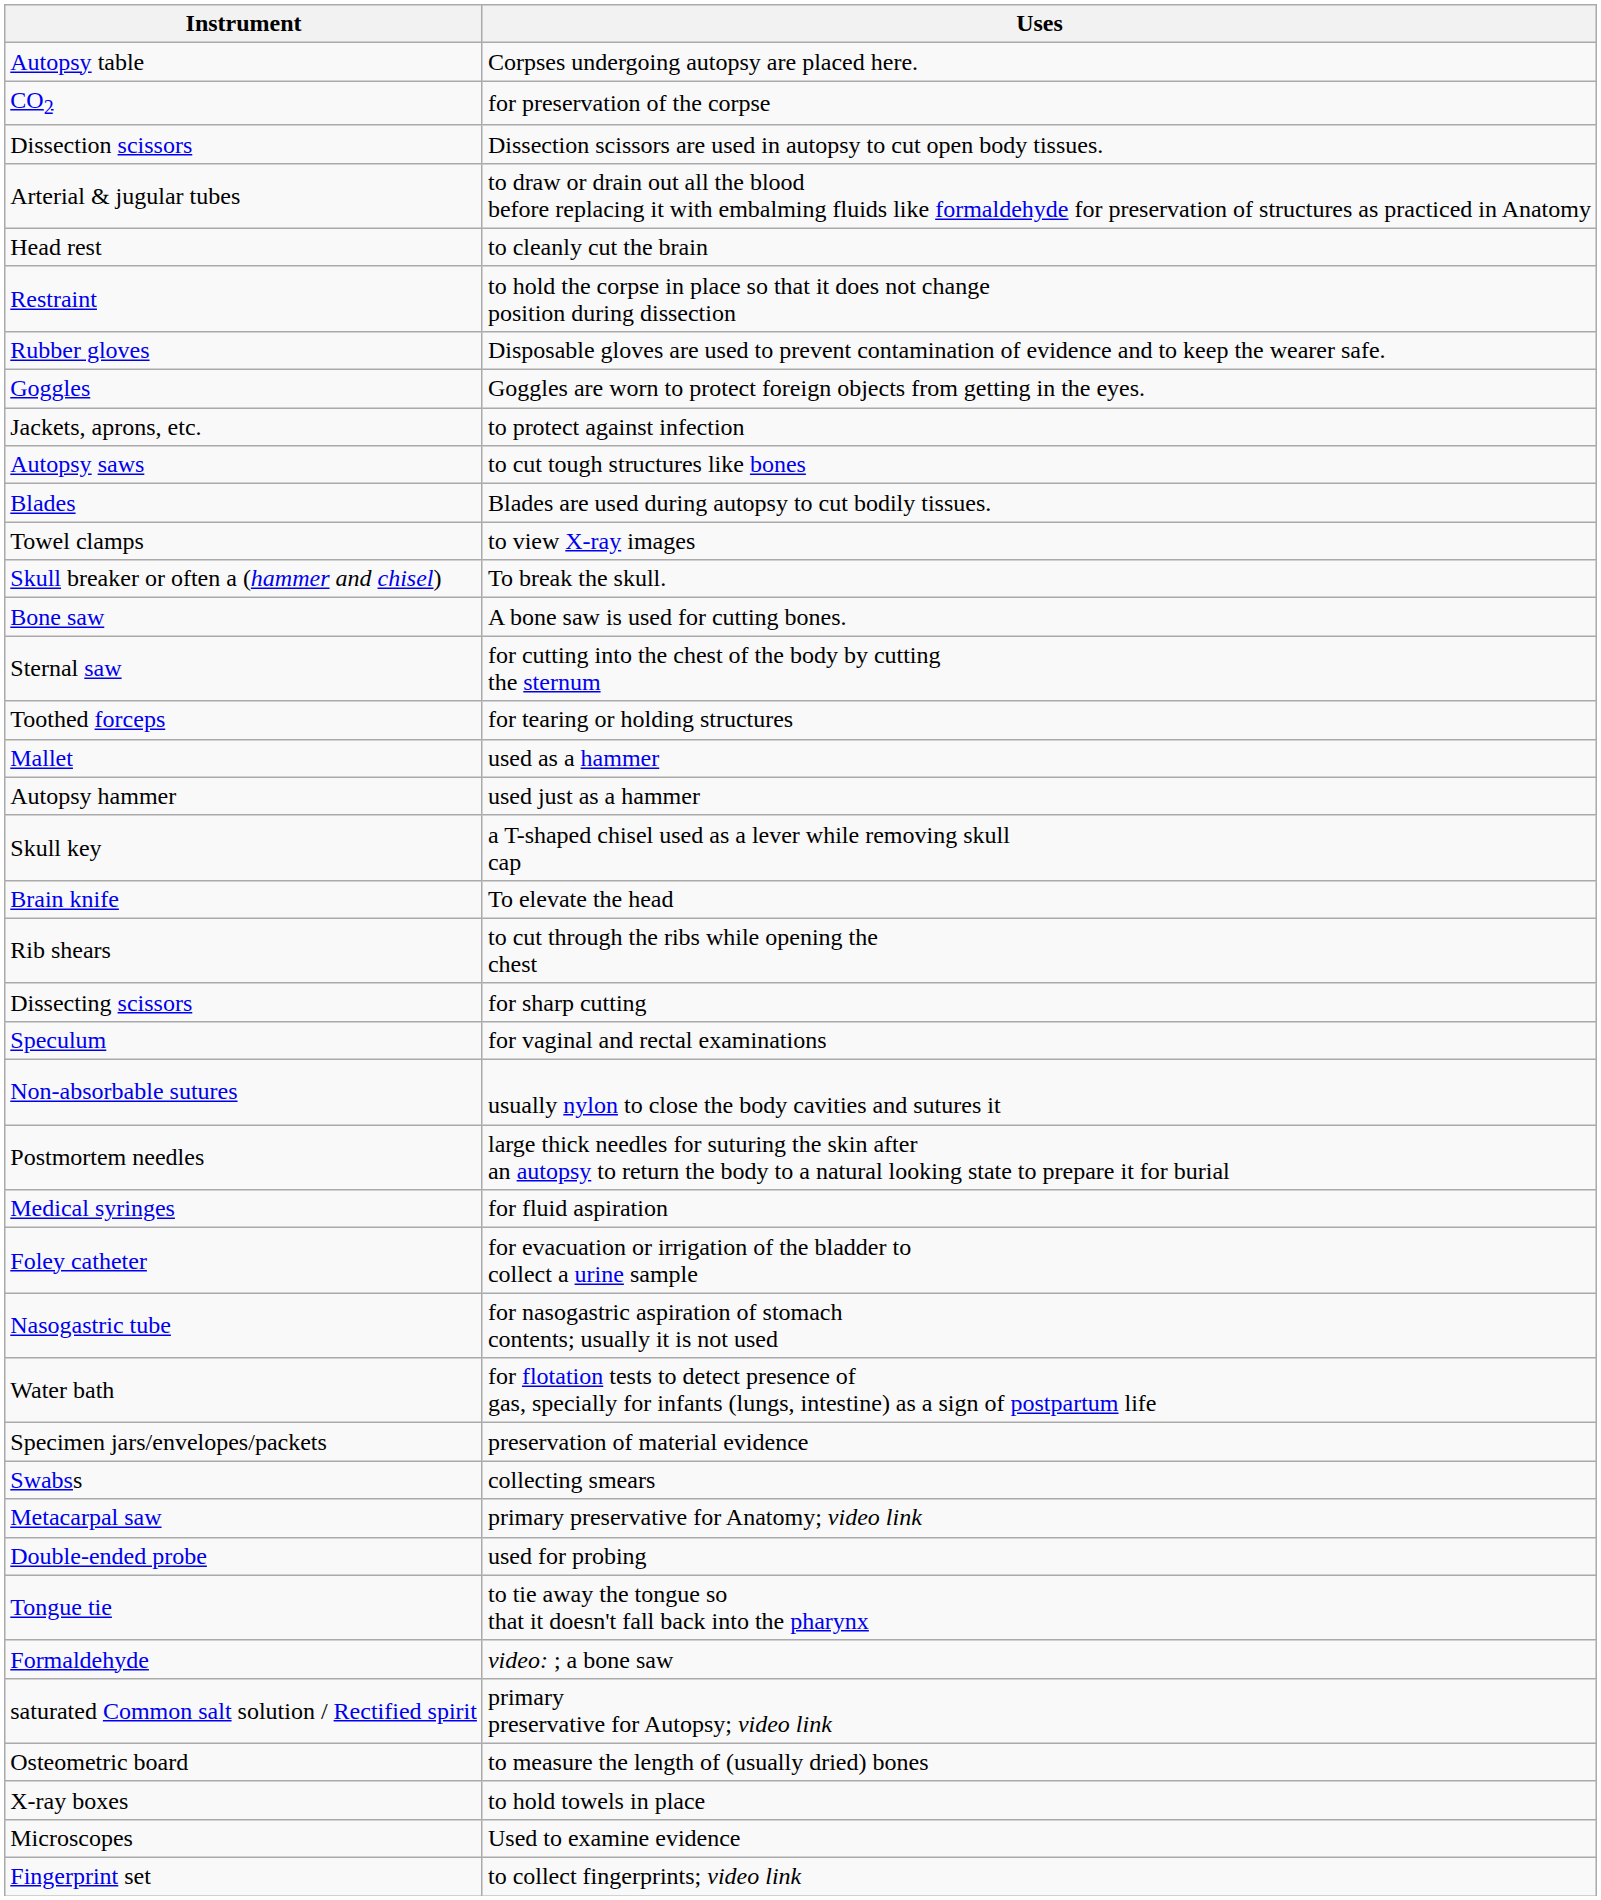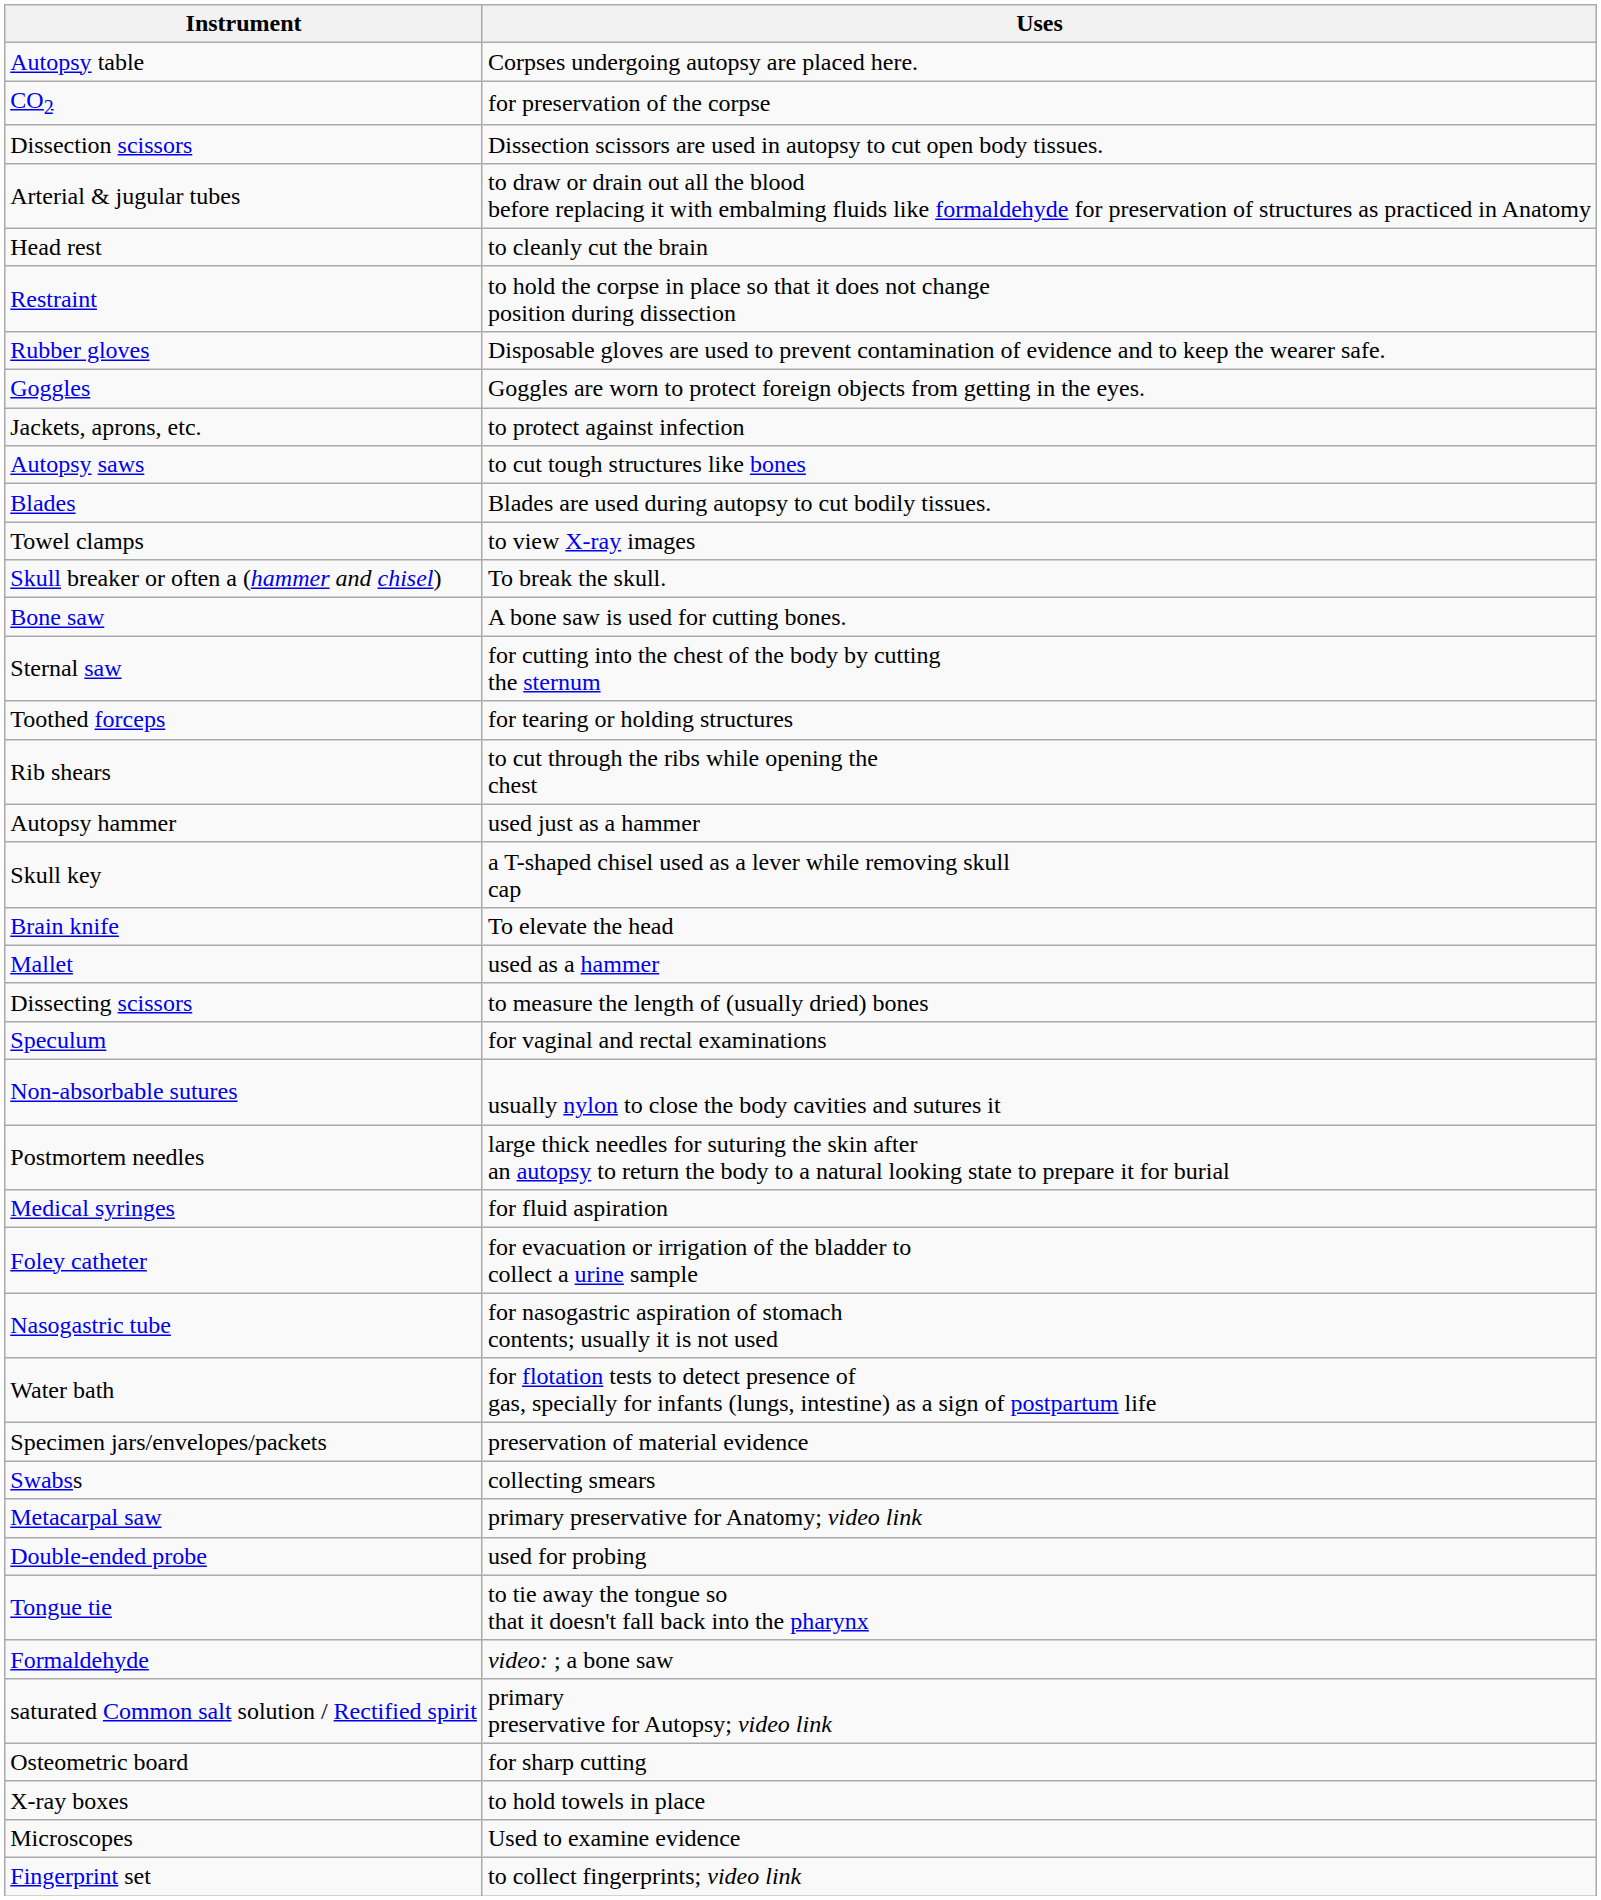 <table class="wikitable">
 <tr>
 <th>Instrument</th>
 <th>Uses</th>
 </tr>
 <tr>
 <td><a href='#'>Autopsy</a> table</td>
 <td>Corpses undergoing autopsy are placed here.</td>
 </tr>
 <tr>
 <td><a href='#'>CO<sub>2</sub></a></td>
 <td>for preservation of the corpse</td>
 </tr>
 <tr>
 <td>Dissection <a href='#'>scissors</a></td>
 <td>Dissection scissors are used in autopsy to cut open body tissues.</td>
 </tr>
 <tr>
 <td>Arterial & jugular tubes</td>
 <td>to draw or drain out all the blood<br>before replacing it with embalming fluids like <a href='#'>formaldehyde</a> for  preservation of structures as practiced in Anatomy</td>
 </tr>
 <tr>
 <td>Head rest</td>
 <td>to cleanly cut the brain</td>
 </tr>
 <tr>
 <td><a href='#'>Restraint</a></td>
 <td>to hold the corpse in place so that it does not change<br>position during dissection</td>
 </tr>
 <tr>
 <td><a href='#'>Rubber gloves</a></td>
 <td>Disposable gloves are used to prevent contamination of evidence and to keep the wearer safe.</td>
 </tr>
 <tr>
 <td><a href='#'>Goggles</a></td>
 <td>Goggles are worn to protect foreign objects from getting in the eyes.</td>
 </tr>
 <tr>
 <td>Jackets, aprons, etc.</td>
 <td>to protect against infection</td>
 </tr>
 <tr>
 <td><a href='#'>Autopsy</a> <a href='#'>saws</a></td>
 <td>to cut tough structures like <a href='#'>bones</a></td>
 </tr>
 <tr>
 <td><a href='#'>Blades</a></td>
 <td>Blades are used during autopsy to cut bodily tissues.</td>
 </tr>
 <tr>
 <td>Towel clamps</td>
 <td>to view <a href='#'>X-ray</a> images</td>
 </tr>
 <tr>
 <td><a href='#'>Skull</a> breaker or often a (<em><a href='#'>hammer</a> and <a href='#'>chisel</a></em>)</td>
 <td>To break the skull.</td>
 </tr>
 <tr>
 <td><a href='#'>Bone saw</a></td>
 <td>A bone saw is used for cutting bones.</td>
 </tr>
 <tr>
 <td>Sternal <a href='#'>saw</a></td>
 <td>for cutting into the chest of the body by cutting<br>the <a href='#'>sternum</a></td>
 </tr>
 <tr>
 <td>Toothed <a href='#'>forceps</a></td>
 <td>for tearing or holding structures</td>
 </tr>
 <tr>
-<td><a href='#'>Mallet</a></td>
-<td>used as a <a href='#'>hammer</a></td>
+<td>Rib shears</td>
+<td>to cut through the ribs while opening the<br>chest</td>
 </tr>
 <tr>
 <td>Autopsy hammer</td>
 <td>used just as a hammer</td>
 </tr>
 <tr>
 <td>Skull key</td>
 <td>a T-shaped chisel used as a lever while removing skull<br>cap</td>
 </tr>
 <tr>
 <td><a href='#'>Brain knife</a></td>
 <td>To elevate the head</td>
 </tr>
 <tr>
-<td>Rib shears</td>
-<td>to cut through the ribs while opening the<br>chest</td>
+<td><a href='#'>Mallet</a></td>
+<td>used as a <a href='#'>hammer</a></td>
 </tr>
 <tr>
 <td>Dissecting <a href='#'>scissors</a></td>
-<td>for sharp cutting</td>
+<td>to measure the length of (usually dried) bones</td>
 </tr>
 <tr>
 <td><a href='#'>Speculum</a></td>
 <td>for vaginal and rectal examinations</td>
 </tr>
 <tr>
 <td><a href='#'>Non-absorbable sutures</a></td>
 <td><br>usually <a href='#'>nylon</a> to close the body cavities and sutures it</td>
 </tr>
 <tr>
 <td>Postmortem needles</td>
 <td>large thick needles for suturing the skin after<br>an <a href='#'>autopsy</a> to return the body to a natural looking state to prepare it for burial</td>
 </tr>
 <tr>
 <td><a href='#'>Medical syringes</a></td>
 <td>for fluid aspiration</td>
 </tr>
 <tr>
 <td><a href='#'>Foley catheter</a></td>
 <td>for evacuation or irrigation of the bladder to<br>collect a <a href='#'>urine</a> sample</td>
 </tr>
 <tr>
 <td><a href='#'>Nasogastric tube</a></td>
 <td>for nasogastric aspiration of stomach<br>contents; usually it is not used</td>
 </tr>
 <tr>
 <td>Water bath</td>
 <td>for <a href='#'>flotation</a> tests to detect presence of<br>gas, specially for infants (lungs, intestine) as a sign of  <a href='#'>postpartum</a> life</td>
 </tr>
 <tr>
 <td>Specimen jars/envelopes/packets</td>
 <td>preservation of material evidence</td>
 </tr>
 <tr>
 <td><a href='#'>Swabs</a>s</td>
 <td>collecting smears</td>
 </tr>
 <tr>
 <td><a href='#'>Metacarpal saw</a></td>
 <td>primary preservative for Anatomy; <em>video link</em></td>
 </tr>
 <tr>
 <td><a href='#'>Double-ended probe</a></td>
 <td>used for probing</td>
 </tr>
 <tr>
 <td><a href='#'>Tongue tie</a></td>
 <td>to tie away the tongue so<br>that it doesn't fall back into the <a href='#'>pharynx</a></td>
 </tr>
 <tr>
 <td><a href='#'>Formaldehyde</a></td>
 <td><em>video: </em>; a bone saw</td>
 </tr>
 <tr>
 <td>saturated <a href='#'>Common salt</a> solution / <a href='#'>Rectified spirit</a></td>
 <td>primary<br>preservative for Autopsy; <em>video link</em></td>
 </tr>
 <tr>
 <td>Osteometric board</td>
-<td>to measure the length of (usually dried) bones</td>
+<td>for sharp cutting</td>
 </tr>
 <tr>
 <td>X-ray boxes</td>
 <td>to hold towels in place</td>
 </tr>
 <tr>
 <td>Microscopes</td>
 <td>Used to examine evidence</td>
 </tr>
 <tr>
 <td><a href='#'>Fingerprint</a> set</td>
 <td>to collect fingerprints; <em>video link</em></td>
 </tr>
 </table>
